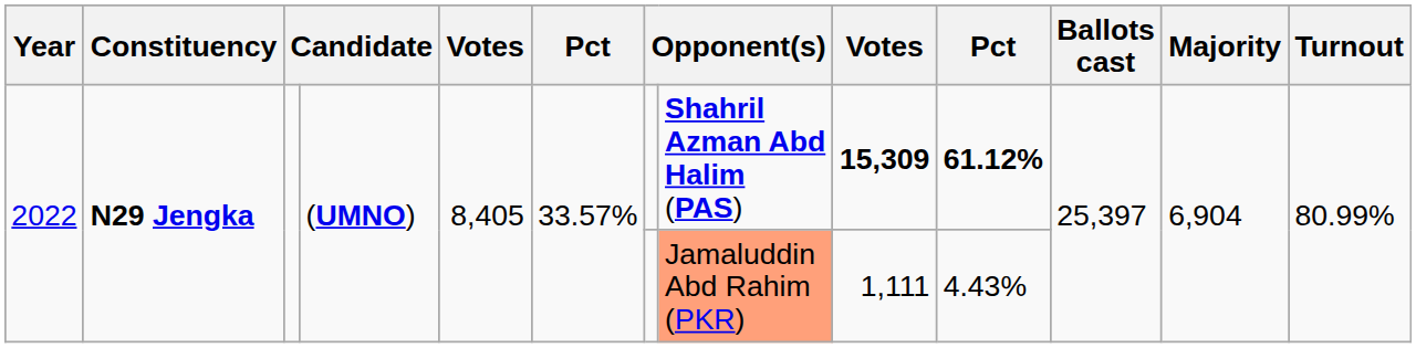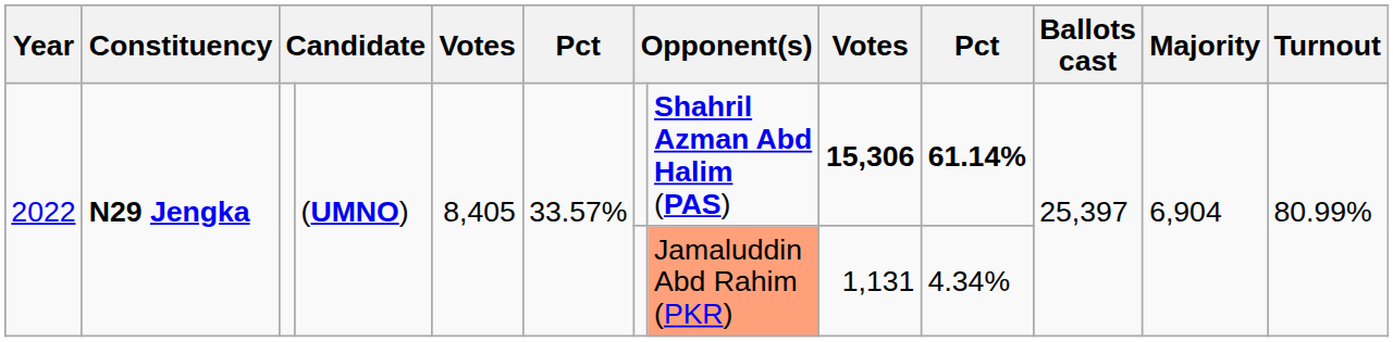 <table class="wikitable" style="margin:0.5em ; font-size:95%">
 <tr>
 <th>Year</th>
 <th>Constituency</th>
 <th colspan=2>Candidate</th>
 <th>Votes</th>
 <th>Pct</th>
 <th colspan=2>Opponent(s)</th>
 <th>Votes</th>
 <th>Pct</th>
 <th>Ballots cast</th>
 <th>Majority</th>
 <th>Turnout</th>
 </tr>
 <tr>
 <td rowspan="2"><a href='#'>2022</a></td>
 <td rowspan="2"><strong>N29 <a href='#'>Jengka</a></strong></td>
 <td rowspan="2" ></td>
 <td rowspan="2"> (<a href='#'><strong>UMNO</strong></a>)</td>
 <td rowspan="2" align="right">8,405</td>
 <td rowspan="2">33.57%</td>
 <td bgcolor=></td>
 <td><strong><a href='#'>Shahril Azman Abd Halim</a></strong> (<strong><a href='#'>PAS</a></strong>)</td>
-<td align="right"><strong>15,309</strong></td>
-<td><strong>61.12% </strong></td>
+<td align="right"><strong>15,306</strong></td>
+<td><strong>61.14% </strong></td>
 <td rowspan="2">25,397</td>
 <td rowspan="2">6,904</td>
 <td rowspan="2">80.99%</td>
 </tr>
 <tr>
 <td></td>
 <td style="background: lightsalmon;">Jamaluddin Abd Rahim (<a href='#'>PKR</a>)</td>
-<td align="right">1,111</td>
-<td>4.43%</td>
+<td align="right">1,131</td>
+<td>4.34%</td>
 </tr>
 </table>
